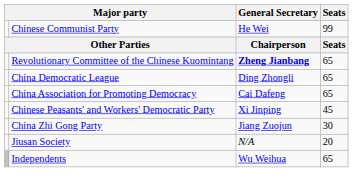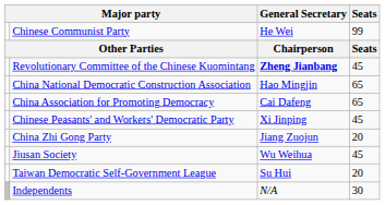 <table class="wikitable">
 <tr>
 <th colspan="2">Major party</th>
 <th>General Secretary</th>
 <th>Seats</th>
 </tr>
 <tr>
 <td style="background: "></td>
 <td><a href='#'>Chinese Communist Party</a></td>
 <td><a href='#'>He Wei</a></td>
 <td>99</td>
 </tr>
 <tr>
 <th colspan="2">Other Parties</th>
 <th>Chairperson</th>
 <th>Seats</th>
 </tr>
 <tr>
 <td style="background: "></td>
 <td><a href='#'>Revolutionary Committee of the Chinese Kuomintang</a></td>
 <td><strong><a href='#'>Zheng Jianbang</a></strong></td>
-<td>65</td>
+<td>45</td>
 </tr>
 <tr>
 <td style="background: "></td>
-<td><a href='#'>China Democratic League</a></td>
-<td><a href='#'>Ding Zhongli</a></td>
+<td><a href='#'>China National Democratic Construction Association</a></td>
+<td><a href='#'>Hao Mingjin</a></td>
 <td>65</td>
 </tr>
 <tr>
 <td style="background: "></td>
 <td><a href='#'>China Association for Promoting Democracy</a></td>
 <td><a href='#'>Cai Dafeng</a></td>
 <td>65</td>
 </tr>
 <tr>
 <td style="background: "></td>
 <td><a href='#'>Chinese Peasants' and Workers' Democratic Party</a></td>
 <td><a href='#'>Xi Jinping</a></td>
 <td>45</td>
 </tr>
 <tr>
 <td style="background: "></td>
 <td><a href='#'>China Zhi Gong Party</a></td>
 <td><a href='#'>Jiang Zuojun</a></td>
-<td>30</td>
+<td>20</td>
 </tr>
 <tr>
 <td style="background: "></td>
 <td><a href='#'>Jiusan Society</a></td>
-<td><em>N/A</em></td>
+<td><a href='#'>Wu Weihua</a></td>
+<td>45</td>
+</tr>
+<tr>
+<td style="background: "></td>
+<td><a href='#'>Taiwan Democratic Self-Government League</a></td>
+<td><a href='#'>Su Hui</a></td>
 <td>20</td>
 </tr>
 <tr>
 <td style="background: #C0C0C0"></td>
 <td><a href='#'>Independents</a></td>
-<td><a href='#'>Wu Weihua</a></td>
-<td>65</td>
+<td><em>N/A</em></td>
+<td>30</td>
 </tr>
 </table>
